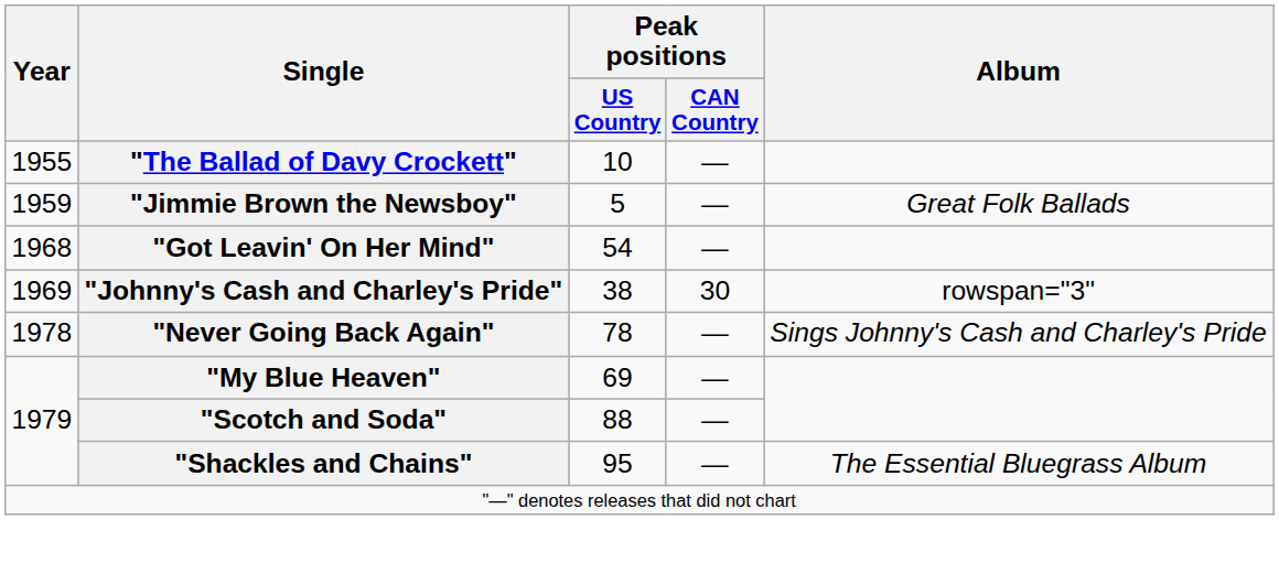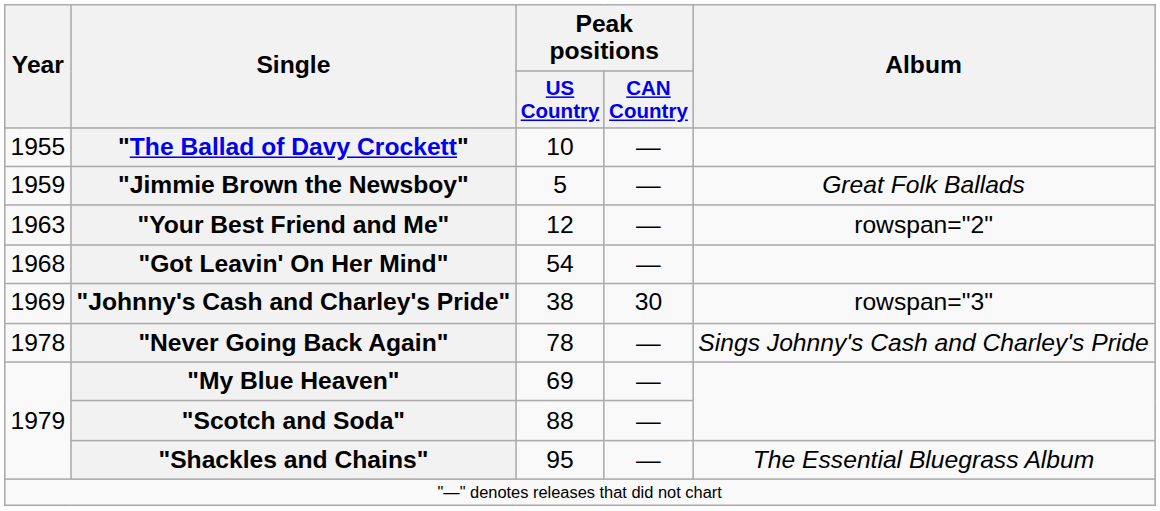 <table class="wikitable plainrowheaders" style="text-align:center;">
 <tr>
 <th rowspan="2">Year</th>
 <th rowspan="2">Single</th>
 <th colspan="2">Peak positions</th>
 <th rowspan="2">Album</th>
 </tr>
 <tr style="font-size:smaller;">
 <th style="width:45px;"><a href='#'>US Country</a><br></th>
 <th style="width:45px;"><a href='#'>CAN Country</a><br></th>
 </tr>
 <tr>
 <td>1955</td>
 <th scope="row">"<a href='#'>The Ballad of Davy Crockett</a>"</th>
 <td>10</td>
 <td>—</td>
 <td></td>
 </tr>
 <tr>
 <td>1959</td>
 <th scope="row">"Jimmie Brown the Newsboy"</th>
 <td>5</td>
 <td>—</td>
 <td><em>Great Folk Ballads</em></td>
+</tr>
+<tr>
+<td>1963</td>
+<th scope="row">"Your Best Friend and Me"</th>
+<td>12</td>
+<td>—</td>
+<td>rowspan="2" </td>
 </tr>
 <tr>
 <td>1968</td>
 <th scope="row">"Got Leavin' On Her Mind"</th>
 <td>54</td>
 <td>—</td>
 </tr>
 <tr>
 <td>1969</td>
 <th scope="row">"Johnny's Cash and Charley's Pride"</th>
 <td>38</td>
 <td>30</td>
 <td>rowspan="3" </td>
 </tr>
 <tr>
 <td>1978</td>
 <th scope="row">"Never Going Back Again"</th>
 <td>78</td>
 <td>—</td>
 <td><em>Sings Johnny's Cash and Charley's Pride</em></td>
 </tr>
 <tr>
 <td rowspan="3">1979</td>
 <th scope="row">"My Blue Heaven" </th>
 <td>69</td>
 <td>—</td>
 </tr>
 <tr>
 <th scope="row">"Scotch and Soda"</th>
 <td>88</td>
 <td>—</td>
 </tr>
 <tr>
 <th scope="row">"Shackles and Chains" </th>
 <td>95</td>
 <td>—</td>
 <td><em>The Essential Bluegrass Album</em></td>
 </tr>
 <tr>
 <td colspan="5" style="font-size:8pt">"—" denotes releases that did not chart</td>
 </tr>
 </table>
